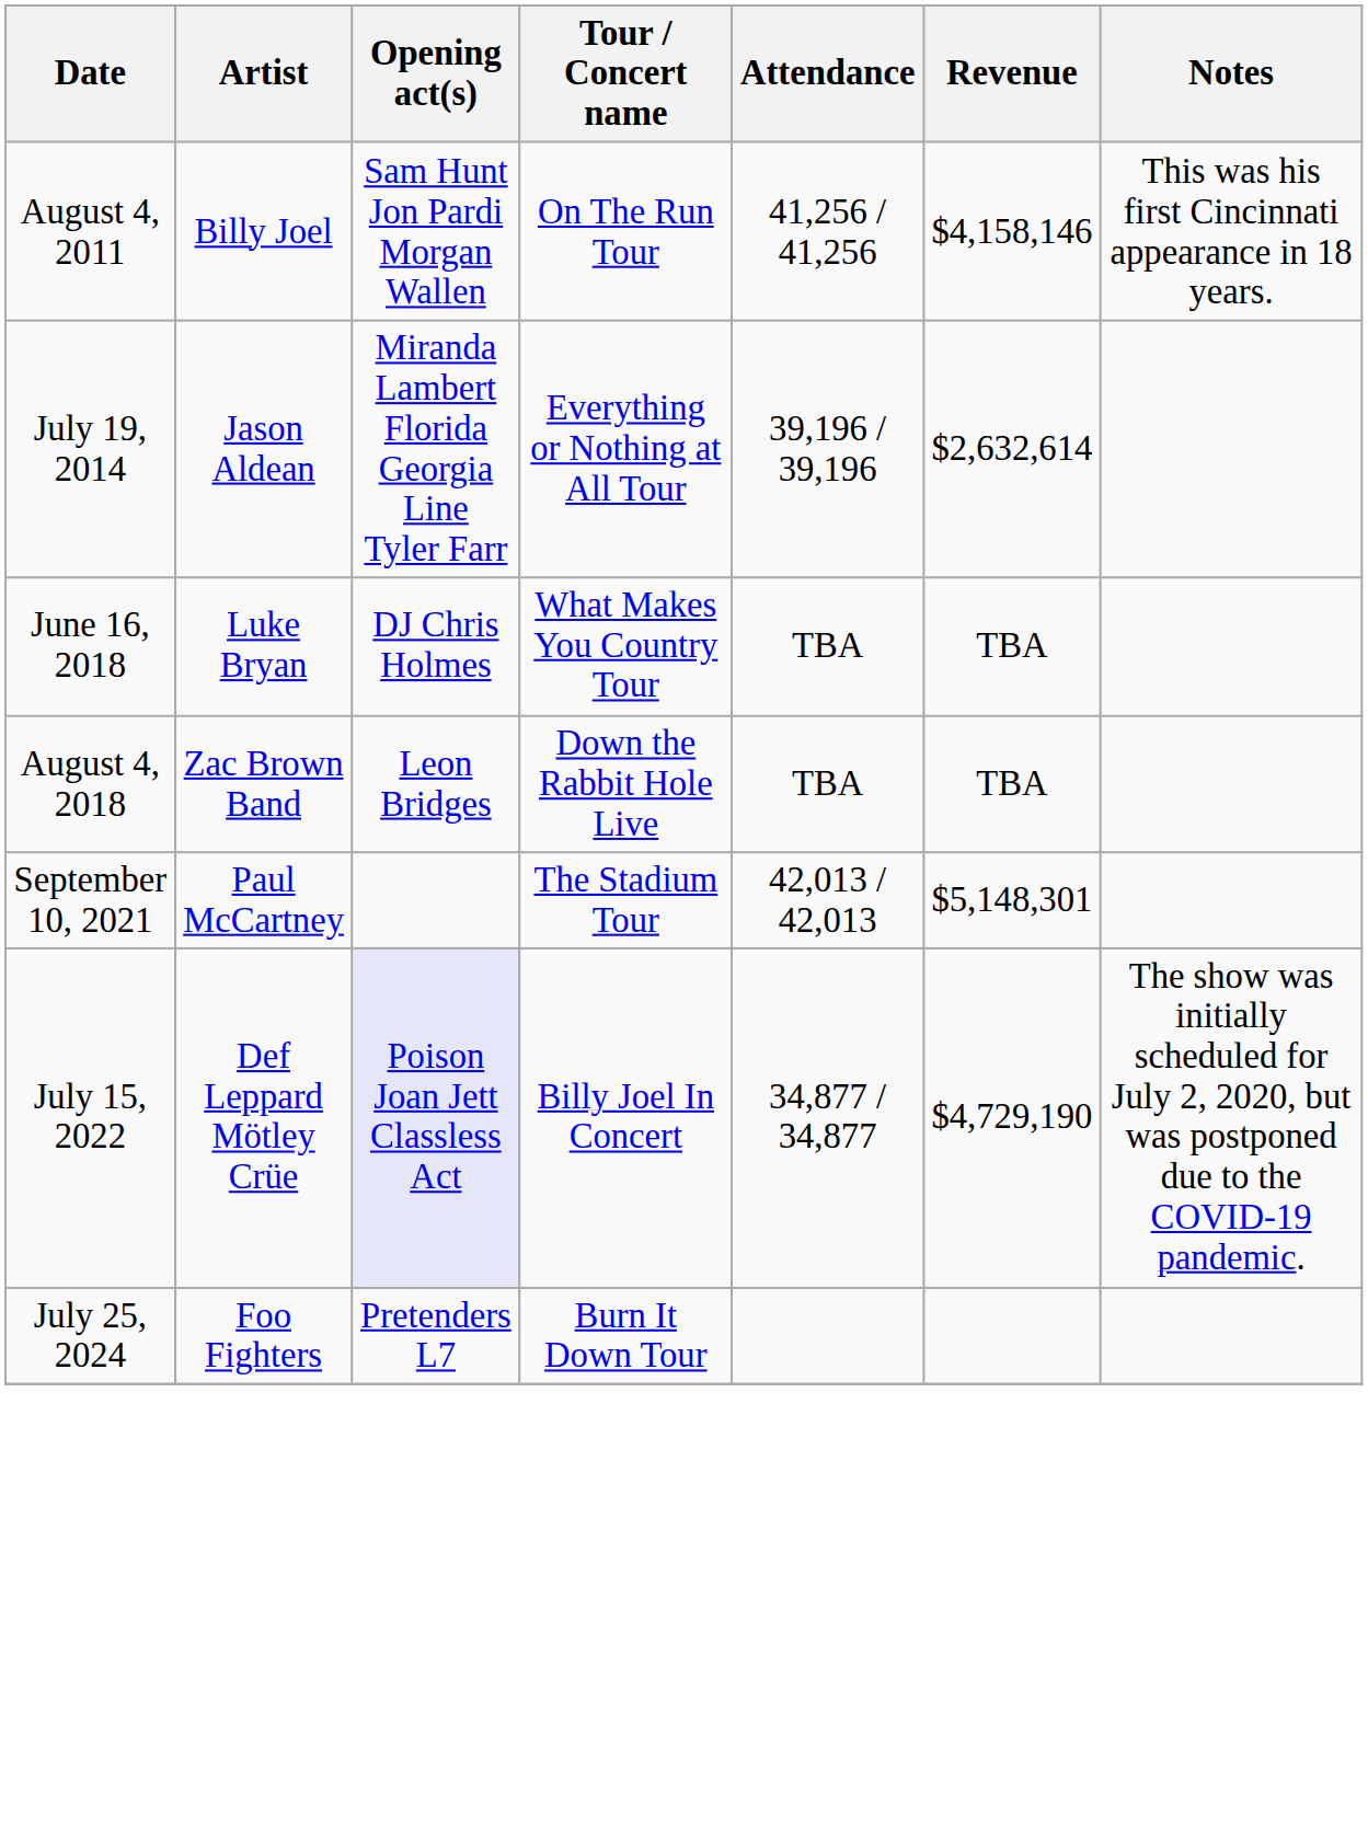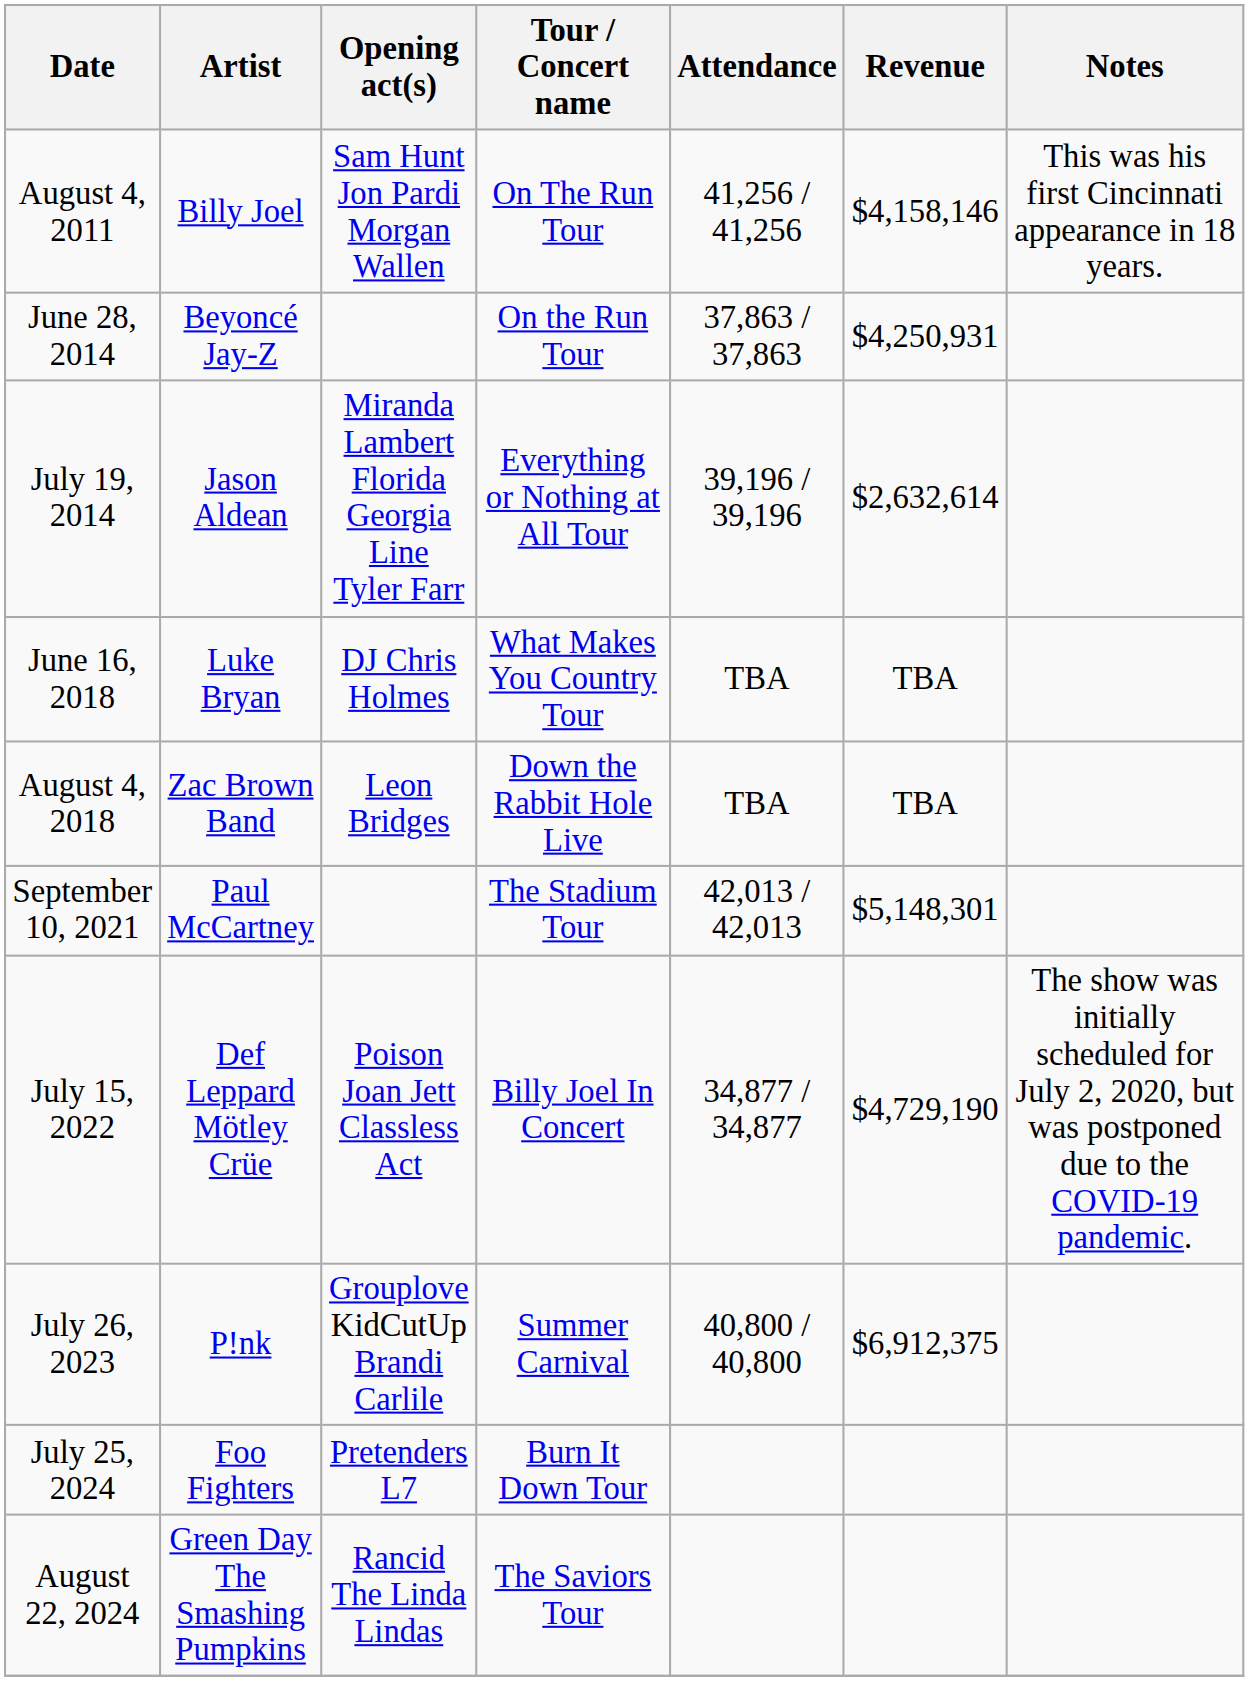 <table class="wikitable" style="text-align:center;">
 <tr>
 <th width=12% style="text-align:center;">Date</th>
 <th width=10% style="text-align:center;">Artist</th>
 <th width=10% style="text-align:center;">Opening act(s)</th>
 <th width=16% style="text-align:center;">Tour / Concert name</th>
 <th width=10% style="text-align:center;">Attendance</th>
 <th width=10% style="text-align:center;">Revenue</th>
 <th width=20% style="text-align:center;">Notes</th>
 </tr>
 <tr>
 <td>August 4, 2011</td>
 <td><a href='#'>Billy Joel</a></td>
 <td><a href='#'>Sam Hunt</a><br><a href='#'>Jon Pardi</a><br><a href='#'>Morgan Wallen</a></td>
 <td><a href='#'>On The Run Tour</a></td>
 <td>41,256 / 41,256</td>
 <td>$4,158,146</td>
 <td>This was his first Cincinnati appearance in 18 years.</td>
+</tr>
+<tr>
+<td>June 28, 2014</td>
+<td><a href='#'>Beyoncé</a><br><a href='#'>Jay-Z</a></td>
+<td></td>
+<td><a href='#'>On the Run Tour</a></td>
+<td>37,863 / 37,863</td>
+<td>$4,250,931</td>
+<td></td>
 </tr>
 <tr>
 <td>July 19, 2014</td>
 <td><a href='#'>Jason Aldean</a></td>
 <td><a href='#'>Miranda Lambert</a><br><a href='#'>Florida Georgia Line</a><br><a href='#'>Tyler Farr</a></td>
 <td><a href='#'>Everything or Nothing at All Tour</a></td>
 <td>39,196 / 39,196</td>
 <td>$2,632,614</td>
 <td></td>
 </tr>
 <tr>
 <td>June 16, 2018</td>
 <td><a href='#'>Luke Bryan</a></td>
 <td><a href='#'>DJ Chris Holmes</a></td>
 <td><a href='#'>What Makes You Country Tour</a></td>
 <td>TBA</td>
 <td>TBA</td>
 <td></td>
 </tr>
 <tr>
 <td>August 4, 2018</td>
 <td><a href='#'>Zac Brown Band</a></td>
 <td><a href='#'>Leon Bridges</a></td>
 <td><a href='#'>Down the Rabbit Hole Live</a></td>
 <td>TBA</td>
 <td>TBA</td>
 <td></td>
 </tr>
 <tr>
 <td>September 10, 2021</td>
 <td><a href='#'>Paul McCartney</a></td>
 <td></td>
 <td><a href='#'>The Stadium Tour</a></td>
 <td>42,013 / 42,013</td>
 <td>$5,148,301</td>
 <td></td>
 </tr>
 <tr>
 <td>July 15, 2022</td>
 <td><a href='#'>Def Leppard</a><br><a href='#'>Mötley Crüe</a></td>
-<td style="background: lavender;"><a href='#'>Poison</a><br><a href='#'>Joan Jett</a><br><a href='#'>Classless Act</a></td>
+<td><a href='#'>Poison</a><br><a href='#'>Joan Jett</a><br><a href='#'>Classless Act</a></td>
 <td><a href='#'>Billy Joel In Concert</a></td>
 <td>34,877 / 34,877</td>
 <td>$4,729,190</td>
 <td>The show was initially scheduled for July 2, 2020, but was postponed due to the <a href='#'>COVID-19 pandemic</a>.</td>
+</tr>
+<tr>
+<td>July 26, 2023</td>
+<td><a href='#'>P!nk</a></td>
+<td><a href='#'>Grouplove</a><br>KidCutUp<br><a href='#'>Brandi Carlile</a></td>
+<td><a href='#'>Summer Carnival</a></td>
+<td>40,800 / 40,800</td>
+<td>$6,912,375</td>
+<td></td>
 </tr>
 <tr>
 <td>July 25, 2024</td>
 <td><a href='#'>Foo Fighters</a></td>
 <td><a href='#'>Pretenders</a><br><a href='#'>L7</a></td>
 <td><a href='#'>Burn It Down Tour</a></td>
 <td></td>
 <td></td>
 <td></td>
 </tr>
 <tr>
+<td>August 22, 2024</td>
+<td><a href='#'>Green Day</a><br><a href='#'>The Smashing Pumpkins</a></td>
+<td><a href='#'>Rancid</a><br><a href='#'>The Linda Lindas</a></td>
+<td><a href='#'>The Saviors Tour</a></td>
+<td></td>
+<td></td>
+<td></td>
+</tr>
+<tr>
 </tr>
 </table>
